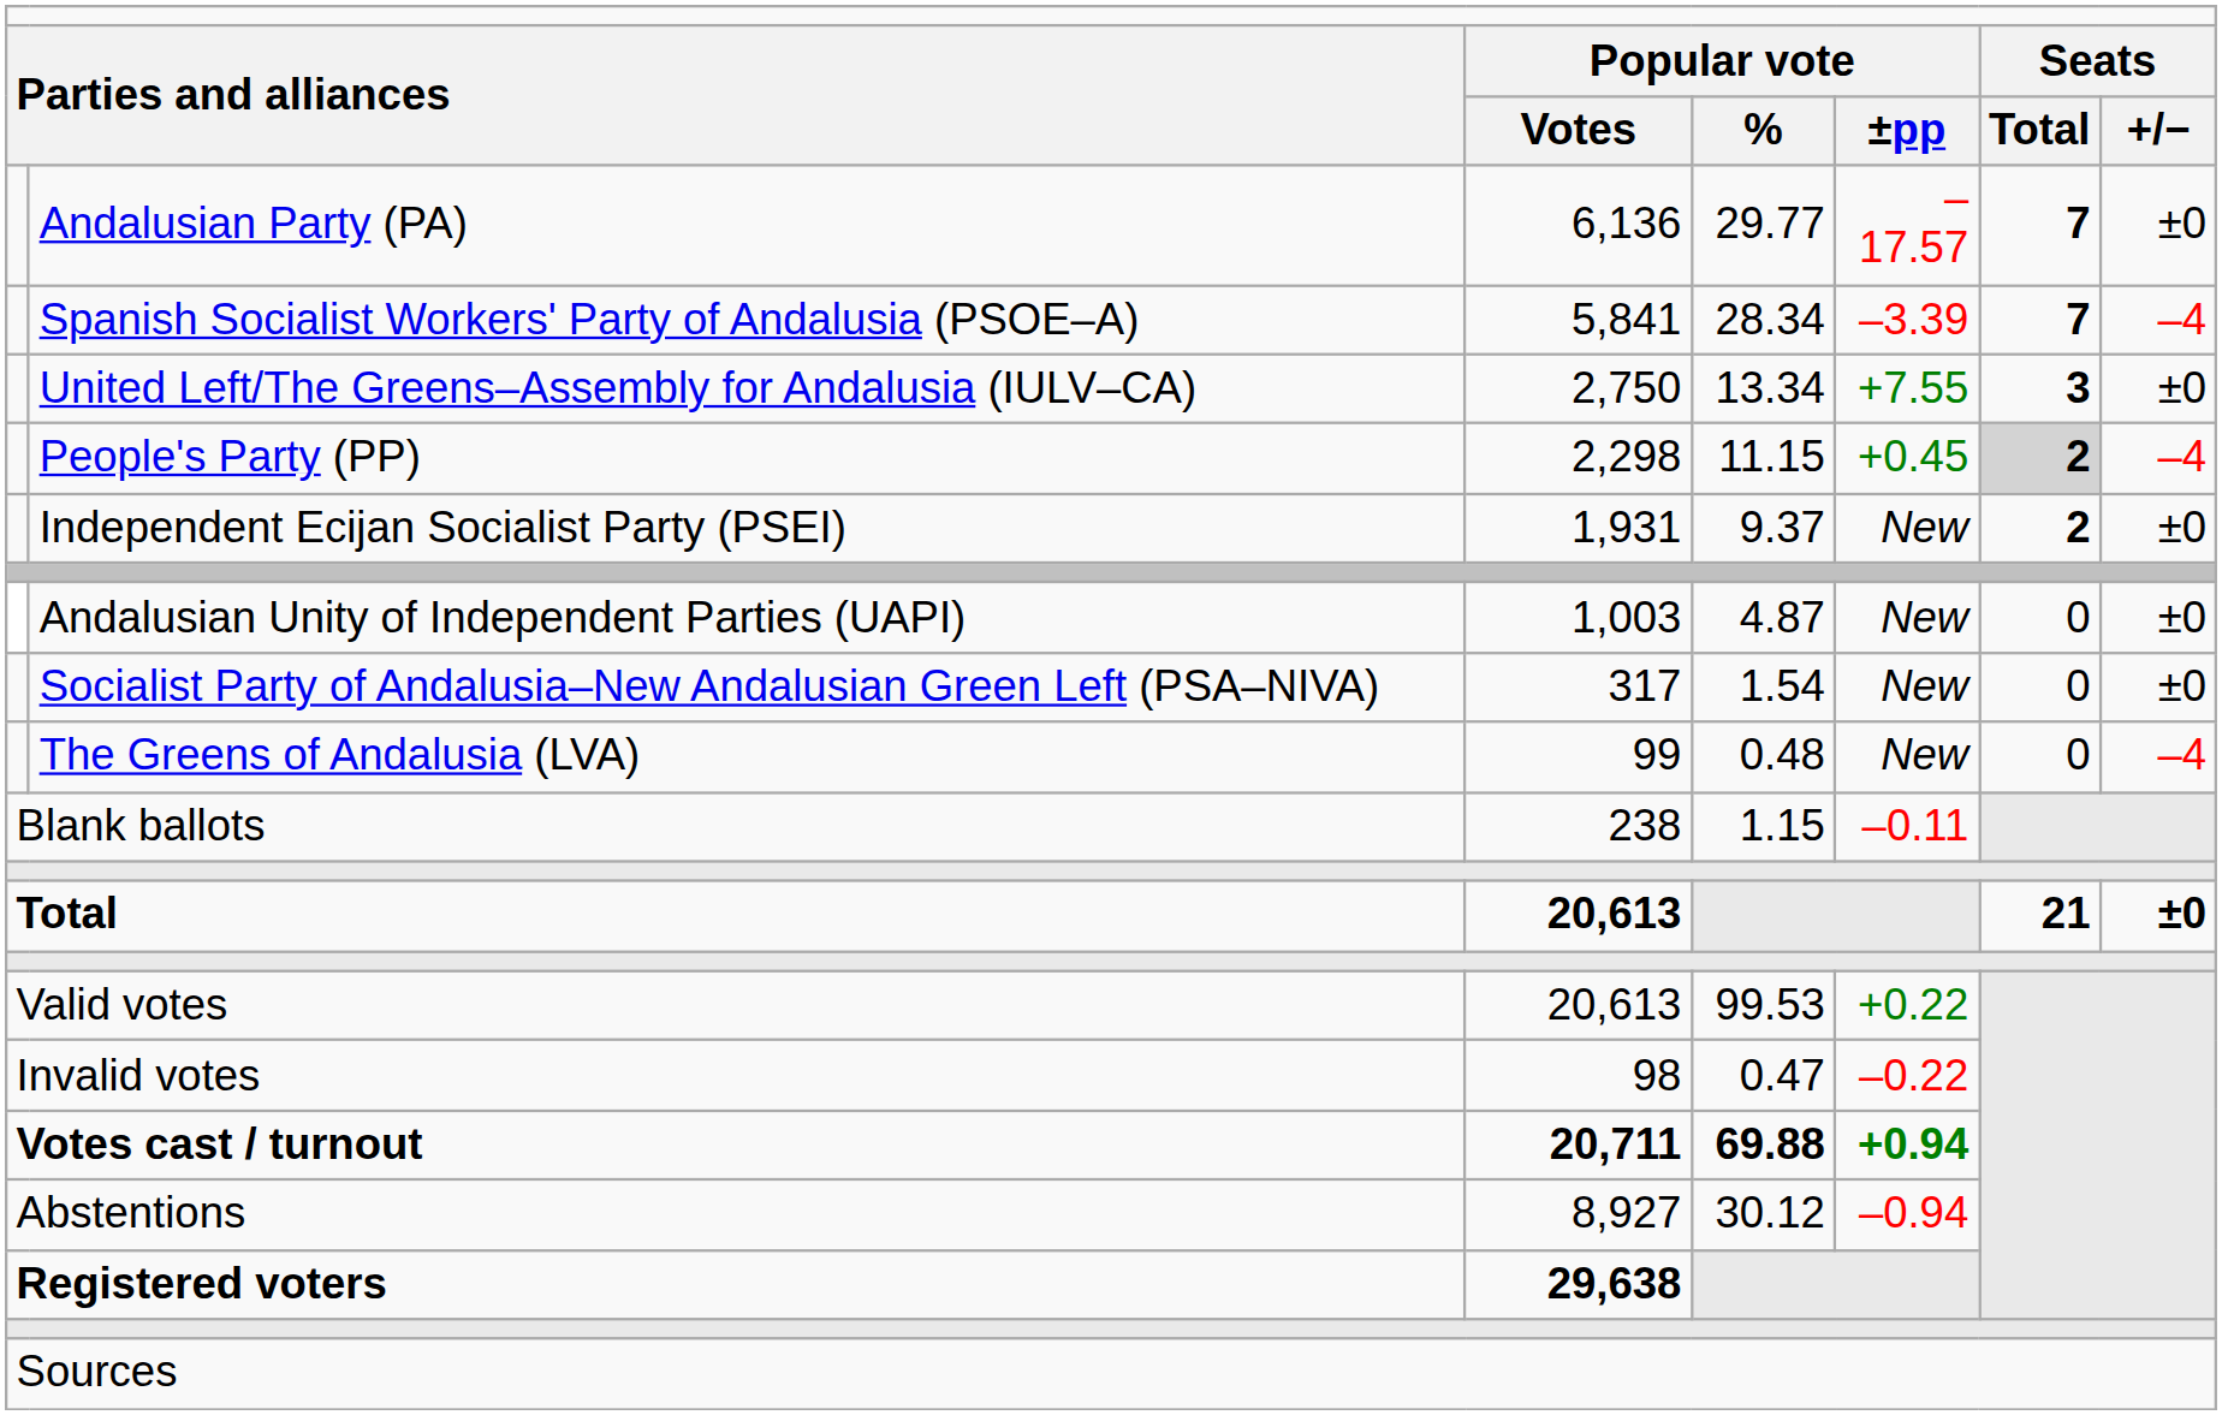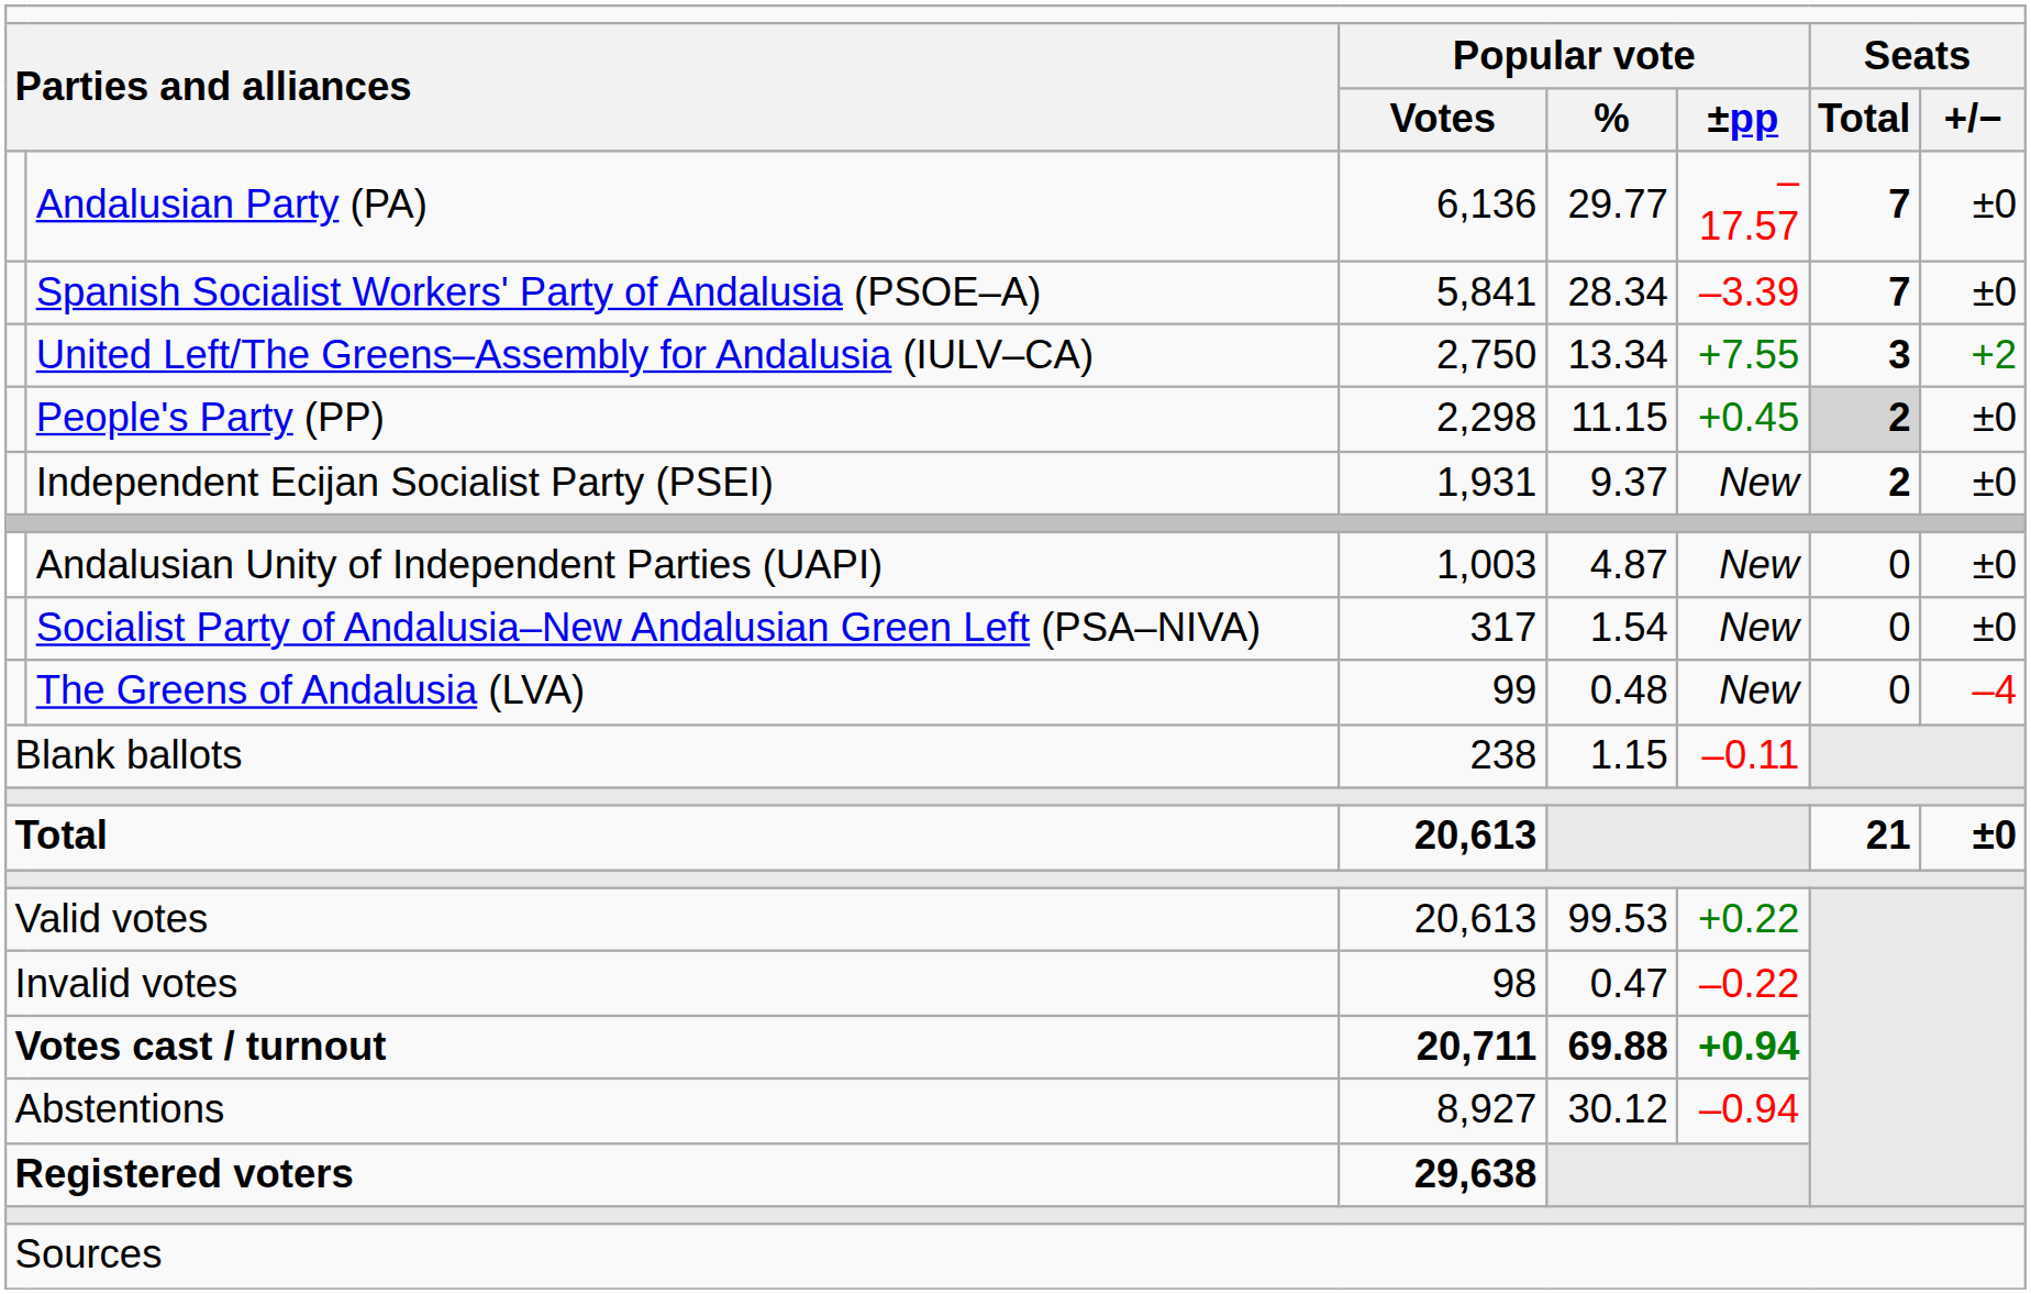 <table class="wikitable" style="text-align:right;">
 <tr>
 <td colspan="7"></td>
 </tr>
 <tr>
 <th style="text-align:left;" rowspan="2" colspan="2" width="525">Parties and alliances</th>
 <th colspan="3">Popular vote</th>
 <th colspan="2">Seats</th>
 </tr>
 <tr>
 <th width="75">Votes</th>
 <th width="45">%</th>
 <th width="45">±<a href='#'>pp</a></th>
 <th width="35">Total</th>
 <th width="35">+/−</th>
 </tr>
 <tr>
 <td width="1" style="color:inherit;background:"></td>
 <td align="left"><a href='#'>Andalusian Party</a> (PA)</td>
 <td>6,136</td>
 <td>29.77</td>
 <td style="color:red;">–17.57</td>
 <td><strong>7</strong></td>
 <td>±0</td>
 </tr>
 <tr>
 <td style="color:inherit;background:"></td>
 <td align="left"><a href='#'>Spanish Socialist Workers' Party of Andalusia</a> (PSOE–A)</td>
 <td>5,841</td>
 <td>28.34</td>
 <td style="color:red;">–3.39</td>
 <td><strong>7</strong></td>
-<td style="color:red;">–4</td>
+<td>±0</td>
 </tr>
 <tr>
 <td style="color:inherit;background:"></td>
 <td align="left"><a href='#'>United Left/The Greens–Assembly for Andalusia</a> (IULV–CA)</td>
 <td>2,750</td>
 <td>13.34</td>
 <td style="color:green;">+7.55</td>
 <td><strong>3</strong></td>
-<td>±0</td>
+<td style="color:green;">+2</td>
 </tr>
 <tr>
 <td style="color:inherit;background:"></td>
 <td align="left"><a href='#'>People's Party</a> (PP)</td>
 <td>2,298</td>
 <td>11.15</td>
 <td style="color:green;">+0.45</td>
 <td style="background: lightgrey;"><strong>2</strong></td>
-<td style="color:red;">–4</td>
+<td>±0</td>
 </tr>
 <tr>
 <td style="color:inherit;background:"></td>
 <td align="left">Independent Ecijan Socialist Party (PSEI)</td>
 <td>1,931</td>
 <td>9.37</td>
 <td><em>New</em></td>
 <td><strong>2</strong></td>
 <td>±0</td>
 </tr>
 <tr>
 <td colspan="7" bgcolor="#C0C0C0"></td>
 </tr>
 <tr>
 <td bgcolor="white"></td>
 <td align="left">Andalusian Unity of Independent Parties (UAPI)</td>
 <td>1,003</td>
 <td>4.87</td>
 <td><em>New</em></td>
 <td>0</td>
 <td>±0</td>
 </tr>
 <tr>
 <td style="color:inherit;background:"></td>
 <td align="left"><a href='#'>Socialist Party of Andalusia–New Andalusian Green Left</a> (PSA–NIVA)</td>
 <td>317</td>
 <td>1.54</td>
 <td><em>New</em></td>
 <td>0</td>
 <td>±0</td>
 </tr>
 <tr>
 <td style="color:inherit;background:"></td>
 <td align="left"><a href='#'>The Greens of Andalusia</a> (LVA)</td>
 <td>99</td>
 <td>0.48</td>
 <td><em>New</em></td>
 <td>0</td>
 <td style="color:red;">–4</td>
 </tr>
 <tr>
 <td align="left" colspan="2">Blank ballots</td>
 <td>238</td>
 <td>1.15</td>
 <td style="color:red;">–0.11</td>
 <td bgcolor="#E9E9E9" colspan="2"></td>
 </tr>
 <tr>
 <td colspan="7" bgcolor="#E9E9E9"></td>
 </tr>
 <tr style="font-weight:bold;">
 <td align="left" colspan="2">Total</td>
 <td>20,613</td>
 <td bgcolor="#E9E9E9" colspan="2"></td>
 <td>21</td>
 <td>±0</td>
 </tr>
 <tr>
 <td colspan="7" bgcolor="#E9E9E9"></td>
 </tr>
 <tr>
 <td align="left" colspan="2">Valid votes</td>
 <td>20,613</td>
 <td>99.53</td>
 <td style="color:green;">+0.22</td>
 <td bgcolor="#E9E9E9" colspan="2" rowspan="5"></td>
 </tr>
 <tr>
 <td align="left" colspan="2">Invalid votes</td>
 <td>98</td>
 <td>0.47</td>
 <td style="color:red;">–0.22</td>
 </tr>
 <tr style="font-weight:bold;">
 <td align="left" colspan="2">Votes cast / turnout</td>
 <td>20,711</td>
 <td>69.88</td>
 <td style="color:green;">+0.94</td>
 </tr>
 <tr>
 <td align="left" colspan="2">Abstentions</td>
 <td>8,927</td>
 <td>30.12</td>
 <td style="color:red;">–0.94</td>
 </tr>
 <tr style="font-weight:bold;">
 <td align="left" colspan="2">Registered voters</td>
 <td>29,638</td>
 <td bgcolor="#E9E9E9" colspan="2"></td>
 </tr>
 <tr>
 <td colspan="7" bgcolor="#E9E9E9"></td>
 </tr>
 <tr>
 <td align="left" colspan="7">Sources</td>
 </tr>
 </table>
